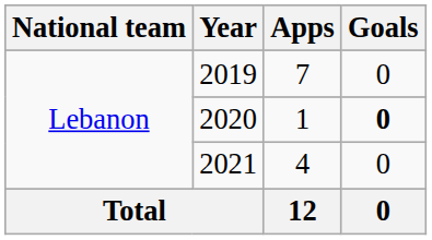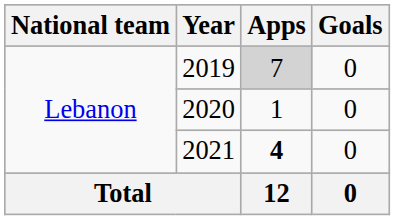 <table class="wikitable" style="text-align:center">
 <tr>
 <th>National team</th>
 <th>Year</th>
 <th>Apps</th>
 <th>Goals</th>
 </tr>
 <tr>
 <td rowspan="3"><a href='#'>Lebanon</a></td>
 <td>2019</td>
-<td>7</td>
+<td style="background: lightgrey;">7</td>
 <td>0</td>
 </tr>
 <tr>
 <td>2020</td>
 <td>1</td>
-<td><strong>0</strong></td>
+<td>0</td>
 </tr>
 <tr>
 <td>2021</td>
-<td>4</td>
+<td><strong>4</strong></td>
 <td>0</td>
 </tr>
 <tr>
 <th colspan="2">Total</th>
 <th>12</th>
 <th>0</th>
 </tr>
 </table>
